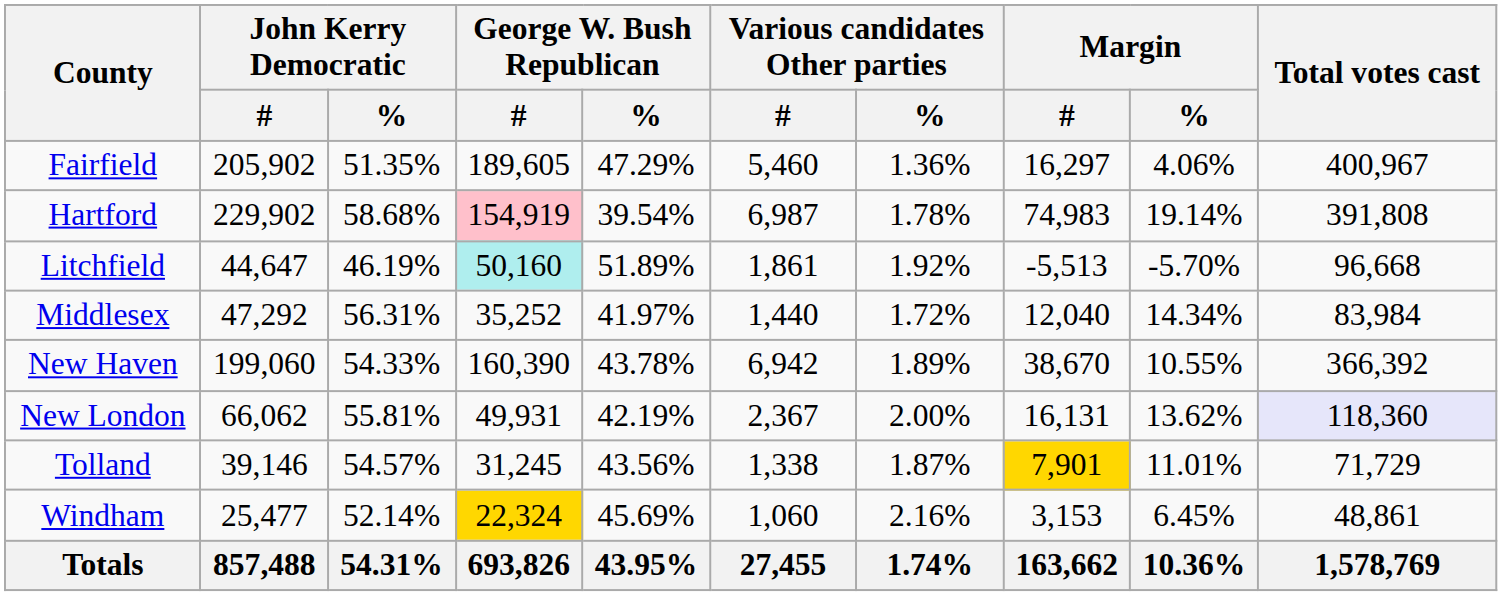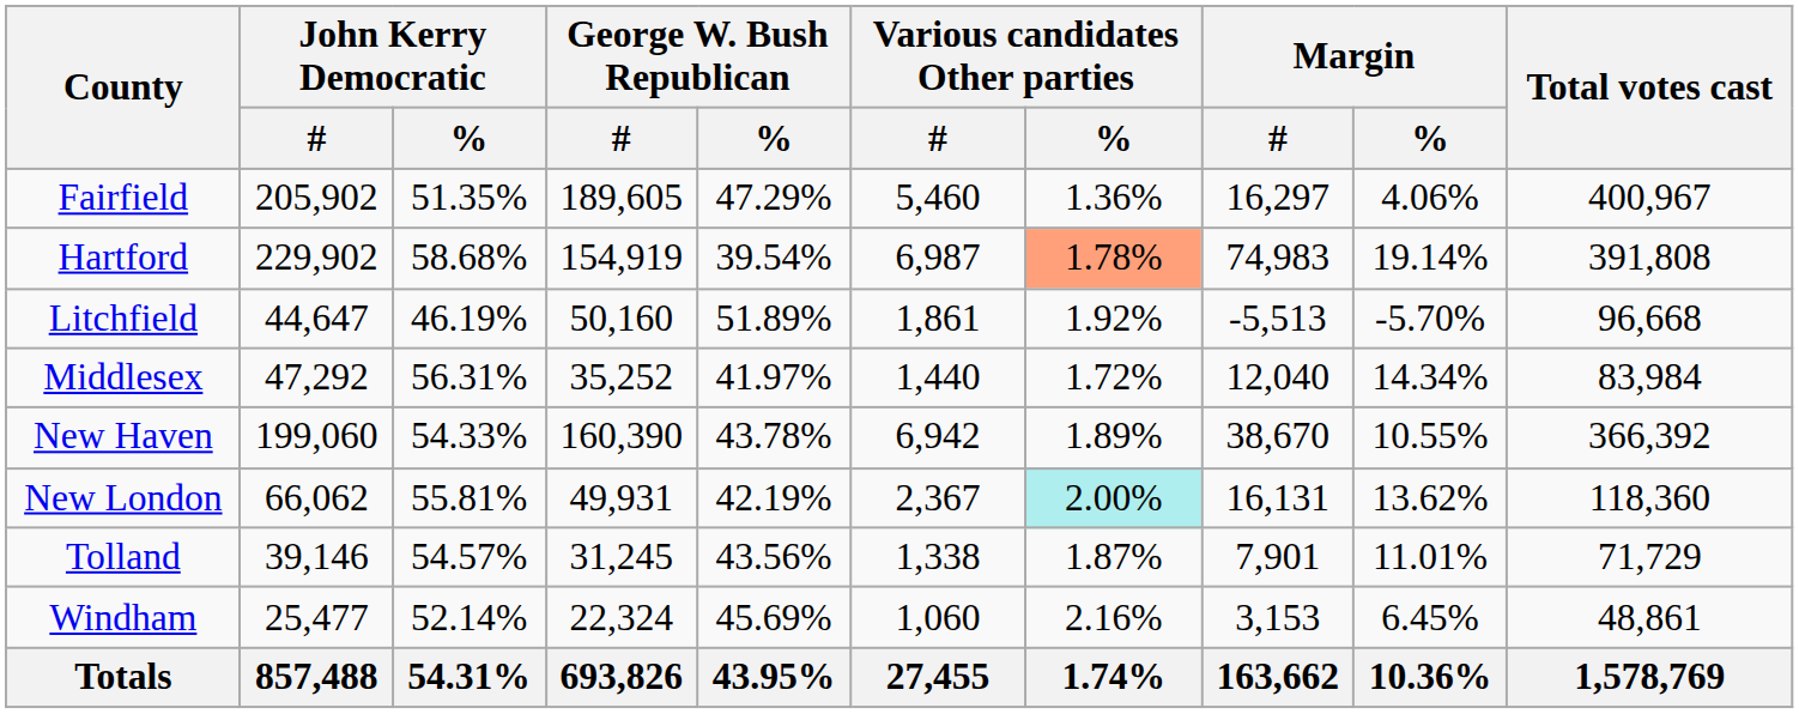 <table width="60%"  class="wikitable sortable" style="text-align:center">
 <tr>
 <th style="text-align:center;" rowspan="2">County</th>
 <th style="text-align:center;" colspan="2">John Kerry<br>Democratic</th>
 <th style="text-align:center;" colspan="2">George W. Bush<br>Republican</th>
 <th style="text-align:center;" colspan="2">Various candidates<br>Other parties</th>
 <th style="text-align:center;" colspan="2">Margin</th>
 <th style="text-align:center;" rowspan="2">Total votes cast</th>
 </tr>
 <tr>
 <th style="text-align:center;" data-sort-type="number">#</th>
 <th style="text-align:center;" data-sort-type="number">%</th>
 <th style="text-align:center;" data-sort-type="number">#</th>
 <th style="text-align:center;" data-sort-type="number">%</th>
 <th style="text-align:center;" data-sort-type="number">#</th>
 <th style="text-align:center;" data-sort-type="number">%</th>
 <th style="text-align:center;" data-sort-type="number">#</th>
 <th style="text-align:center;" data-sort-type="number">%</th>
 </tr>
 <tr style="text-align:center;">
 <td><a href='#'>Fairfield</a></td>
 <td>205,902</td>
 <td>51.35%</td>
 <td>189,605</td>
 <td>47.29%</td>
 <td>5,460</td>
 <td>1.36%</td>
 <td>16,297</td>
 <td>4.06%</td>
 <td>400,967</td>
 </tr>
 <tr style="text-align:center;">
 <td><a href='#'>Hartford</a></td>
 <td>229,902</td>
 <td>58.68%</td>
-<td style="background: pink;">154,919</td>
+<td>154,919</td>
 <td>39.54%</td>
 <td>6,987</td>
-<td>1.78%</td>
+<td style="background: lightsalmon;">1.78%</td>
 <td>74,983</td>
 <td>19.14%</td>
 <td>391,808</td>
 </tr>
 <tr style="text-align:center;">
 <td><a href='#'>Litchfield</a></td>
 <td>44,647</td>
 <td>46.19%</td>
-<td style="background: paleturquoise;">50,160</td>
+<td>50,160</td>
 <td>51.89%</td>
 <td>1,861</td>
 <td>1.92%</td>
 <td>-5,513</td>
 <td>-5.70%</td>
 <td>96,668</td>
 </tr>
 <tr style="text-align:center;">
 <td><a href='#'>Middlesex</a></td>
 <td>47,292</td>
 <td>56.31%</td>
 <td>35,252</td>
 <td>41.97%</td>
 <td>1,440</td>
 <td>1.72%</td>
 <td>12,040</td>
 <td>14.34%</td>
 <td>83,984</td>
 </tr>
 <tr style="text-align:center;">
 <td><a href='#'>New Haven</a></td>
 <td>199,060</td>
 <td>54.33%</td>
 <td>160,390</td>
 <td>43.78%</td>
 <td>6,942</td>
 <td>1.89%</td>
 <td>38,670</td>
 <td>10.55%</td>
 <td>366,392</td>
 </tr>
 <tr style="text-align:center;">
 <td><a href='#'>New London</a></td>
 <td>66,062</td>
 <td>55.81%</td>
 <td>49,931</td>
 <td>42.19%</td>
 <td>2,367</td>
-<td>2.00%</td>
+<td style="background: paleturquoise;">2.00%</td>
 <td>16,131</td>
 <td>13.62%</td>
-<td style="background: lavender;">118,360</td>
+<td>118,360</td>
 </tr>
 <tr style="text-align:center;">
 <td><a href='#'>Tolland</a></td>
 <td>39,146</td>
 <td>54.57%</td>
 <td>31,245</td>
 <td>43.56%</td>
 <td>1,338</td>
 <td>1.87%</td>
-<td style="background: gold;">7,901</td>
+<td>7,901</td>
 <td>11.01%</td>
 <td>71,729</td>
 </tr>
 <tr style="text-align:center;">
 <td><a href='#'>Windham</a></td>
 <td>25,477</td>
 <td>52.14%</td>
-<td style="background: gold;">22,324</td>
+<td>22,324</td>
 <td>45.69%</td>
 <td>1,060</td>
 <td>2.16%</td>
 <td>3,153</td>
 <td>6.45%</td>
 <td>48,861</td>
 </tr>
 <tr>
 <th>Totals</th>
 <th>857,488</th>
 <th>54.31%</th>
 <th>693,826</th>
 <th>43.95%</th>
 <th>27,455</th>
 <th>1.74%</th>
 <th>163,662</th>
 <th>10.36%</th>
 <th>1,578,769</th>
 </tr>
 </table>
